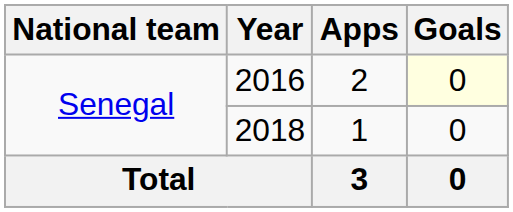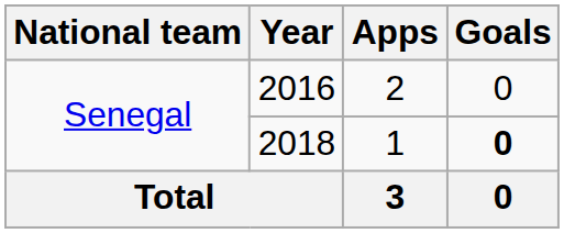 <table class="wikitable" style="text-align:center">
 <tr>
 <th>National team</th>
 <th>Year</th>
 <th>Apps</th>
 <th>Goals</th>
 </tr>
 <tr>
 <td rowspan="2"><a href='#'>Senegal</a></td>
 <td>2016</td>
 <td>2</td>
-<td style="background: lightyellow;">0</td>
+<td>0</td>
 </tr>
 <tr>
 <td>2018</td>
 <td>1</td>
-<td>0</td>
+<td><strong>0</strong></td>
 </tr>
 <tr>
 <th colspan="2">Total</th>
 <th>3</th>
 <th>0</th>
 </tr>
 </table>
